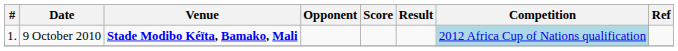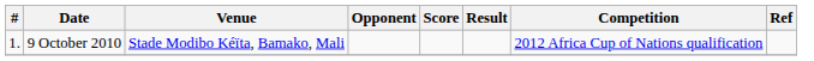 <table class="wikitable" style="font-size:95%;">
 <tr>
 <th>#</th>
 <th>Date</th>
 <th>Venue</th>
 <th>Opponent</th>
 <th>Score</th>
 <th>Result</th>
 <th>Competition</th>
 <th>Ref</th>
 </tr>
 <tr>
 <td>1.</td>
 <td>9 October 2010</td>
-<td><strong><a href='#'>Stade Modibo Kéïta</a>, <a href='#'>Bamako</a>, <a href='#'>Mali</a></strong></td>
+<td><a href='#'>Stade Modibo Kéïta</a>, <a href='#'>Bamako</a>, <a href='#'>Mali</a></td>
 <td></td>
 <td></td>
 <td></td>
-<td style="background: lightblue;"><a href='#'>2012 Africa Cup of Nations qualification</a></td>
+<td><a href='#'>2012 Africa Cup of Nations qualification</a></td>
 <td></td>
 </tr>
 <tr>
 </tr>
 </table>
